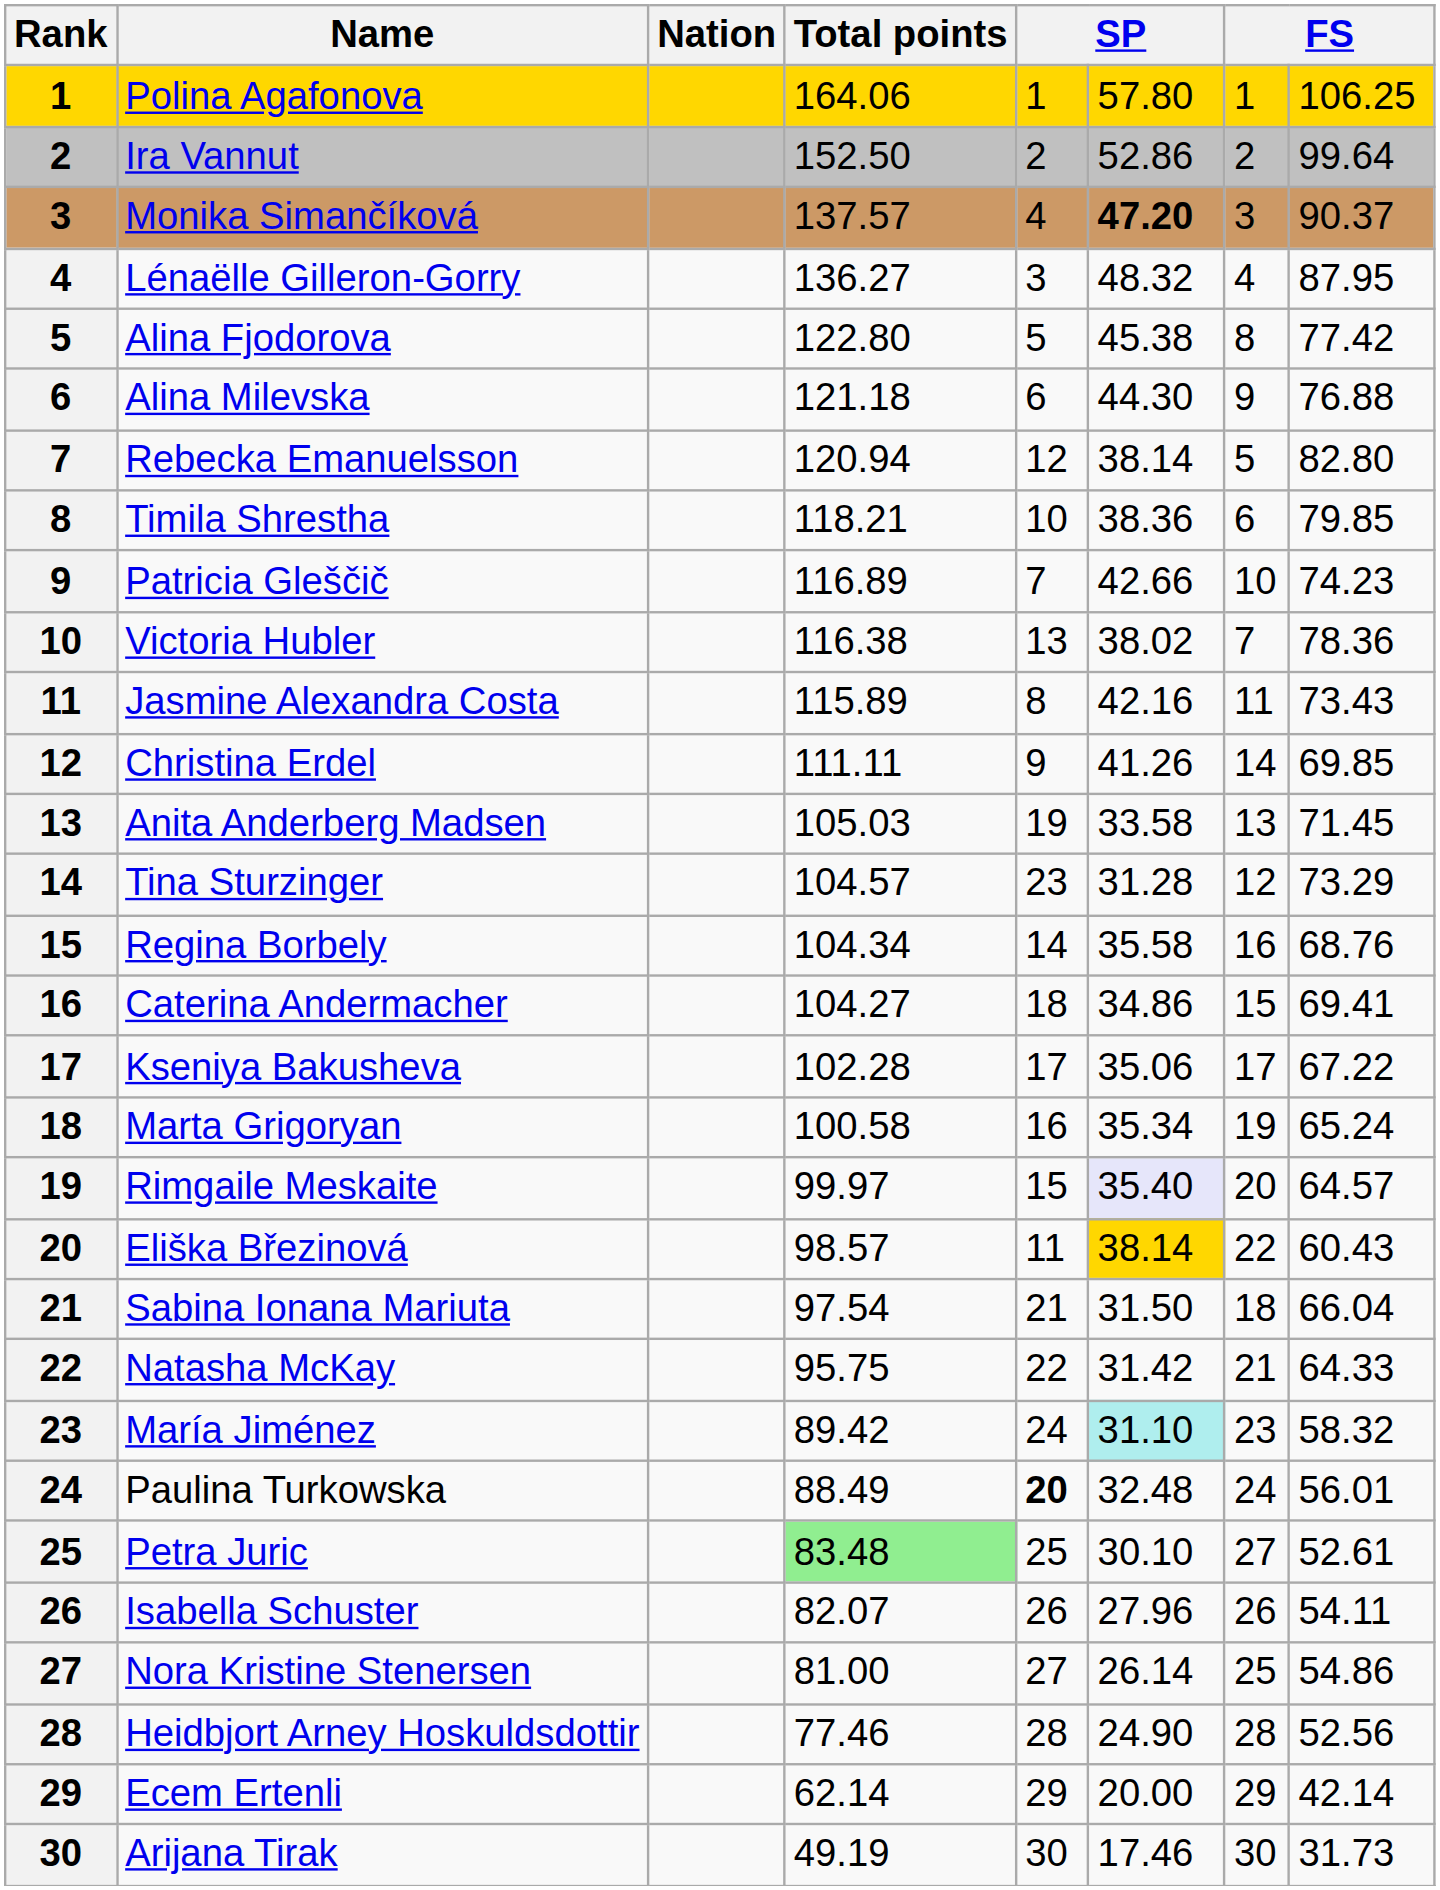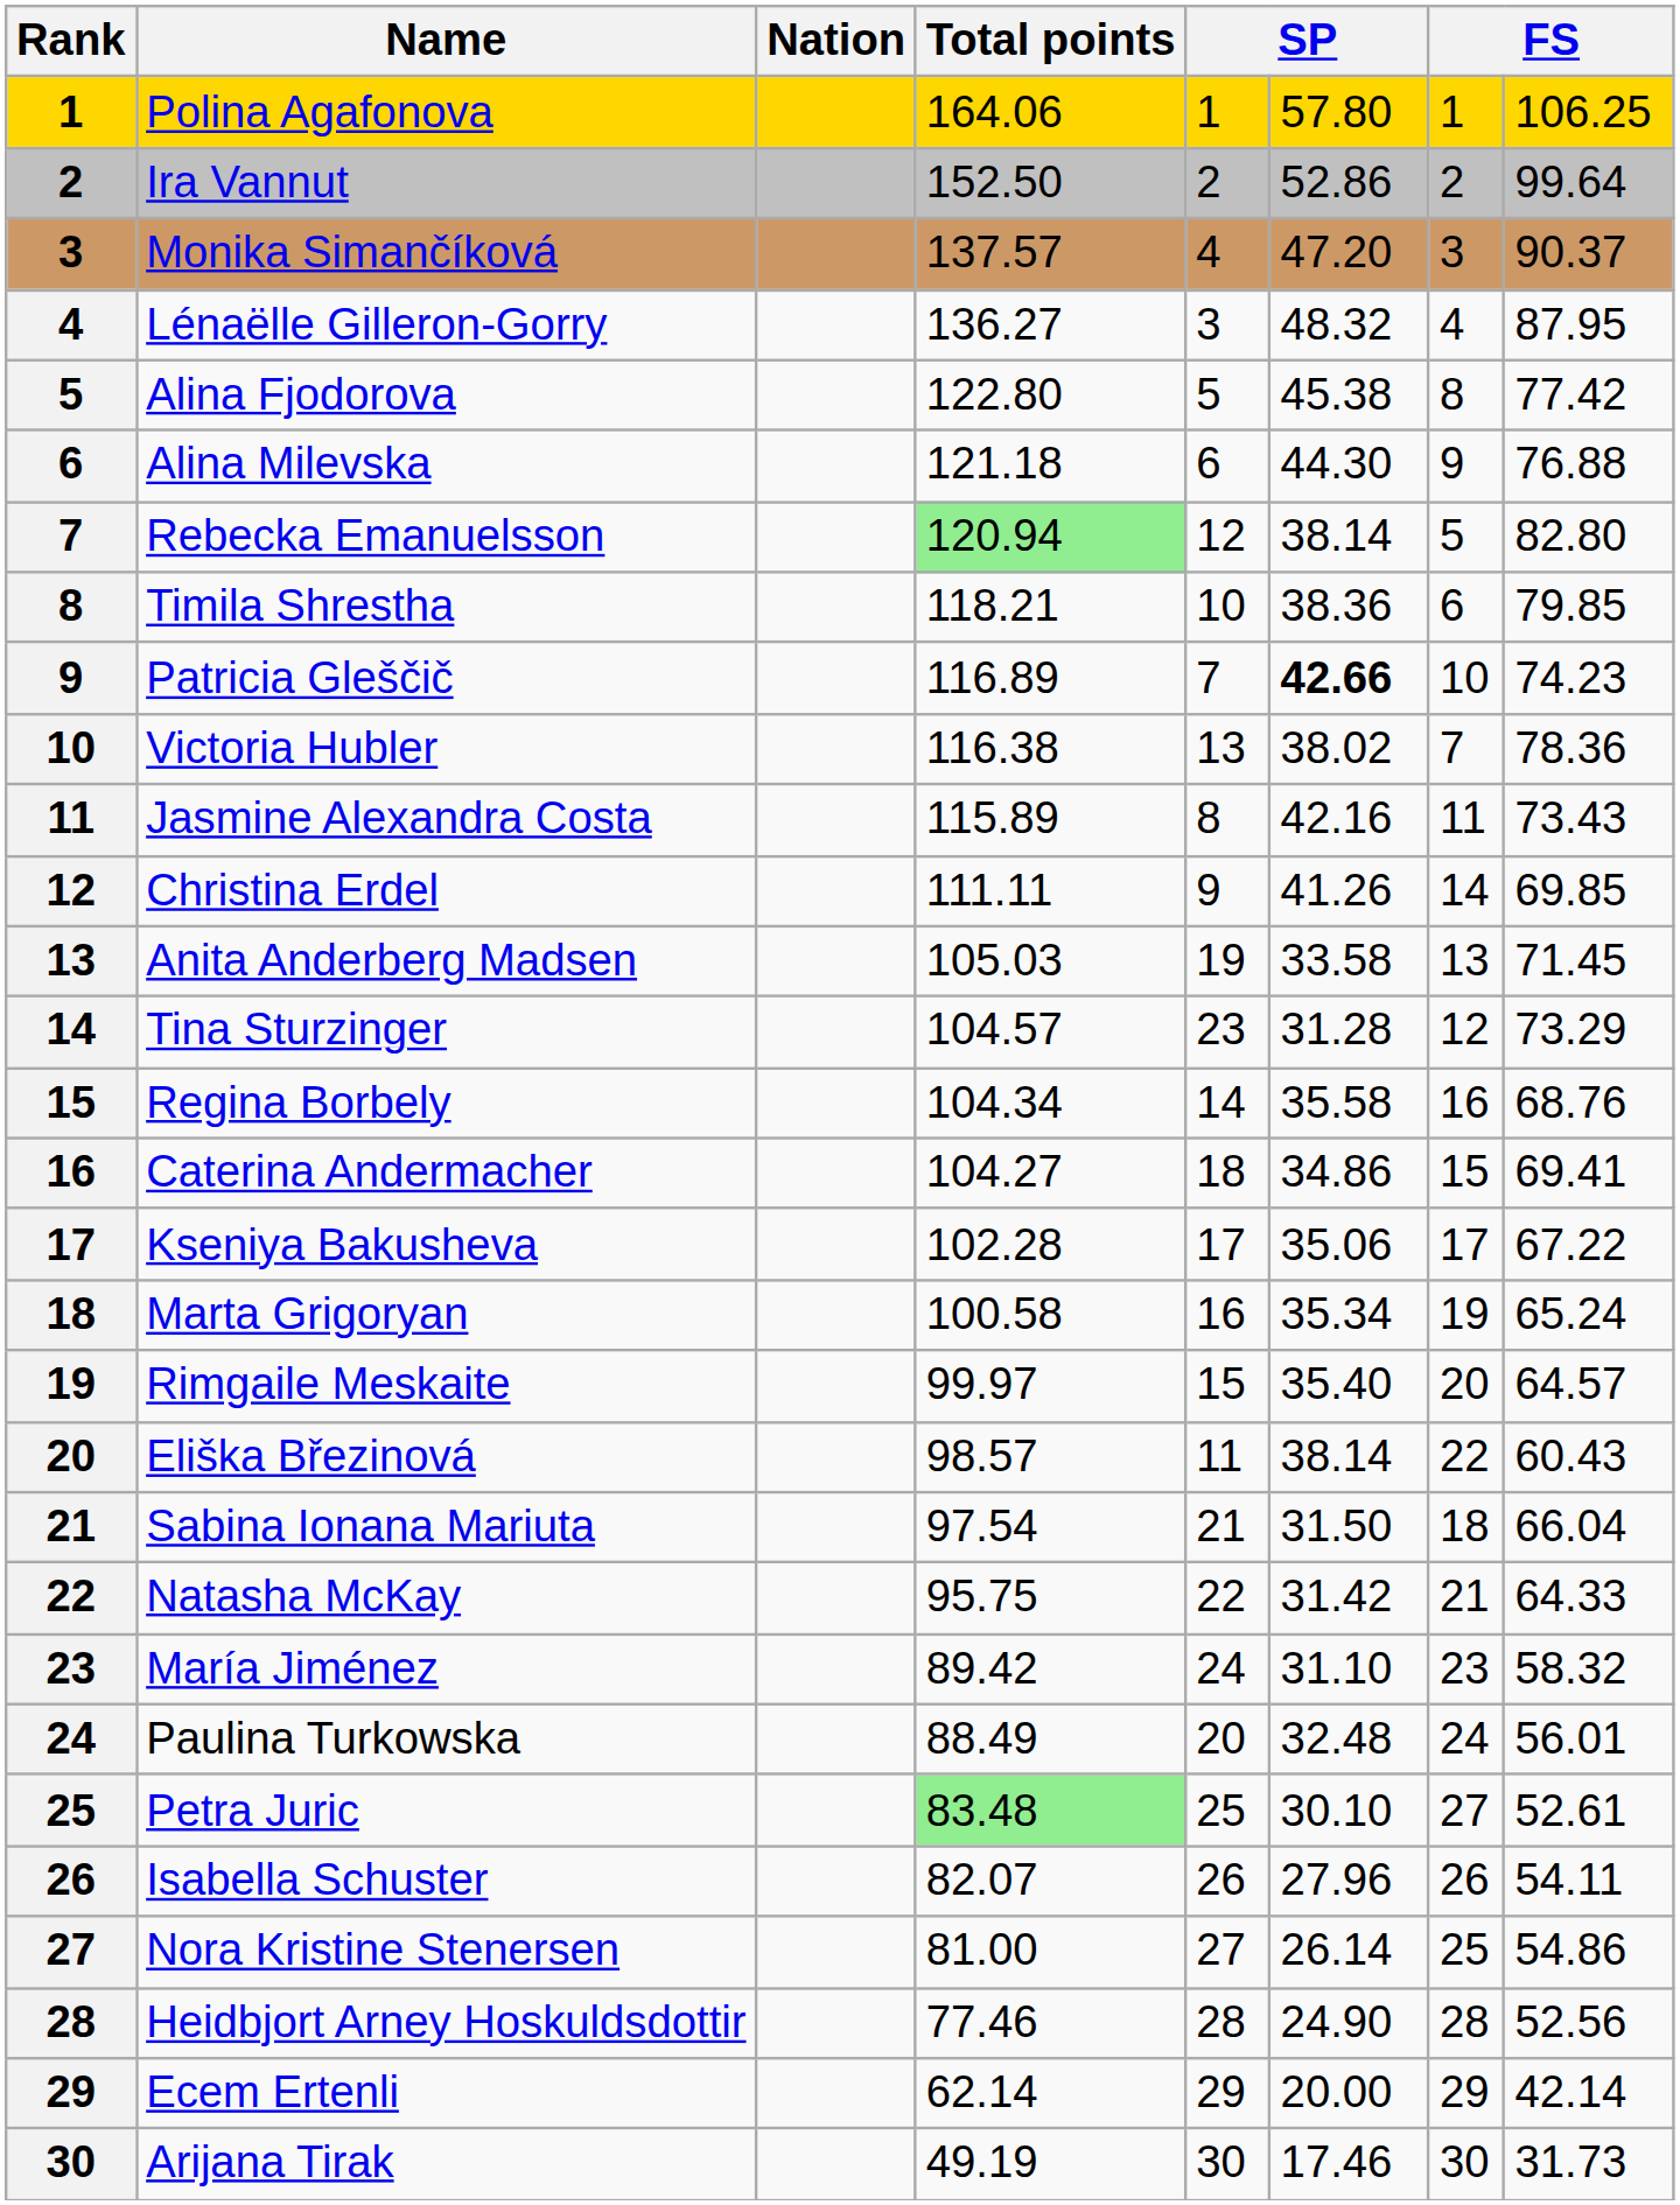 <table class="wikitable sortable">
 <tr>
 <th>Rank</th>
 <th>Name</th>
 <th>Nation</th>
 <th>Total points</th>
 <th colspan="2" width="80px"><a href='#'>SP</a></th>
 <th colspan="2" width="80px"><a href='#'>FS</a></th>
 </tr>
 <tr bgcolor="gold">
 <td align="center"><strong>1</strong></td>
 <td><a href='#'>Polina Agafonova</a></td>
 <td></td>
 <td>164.06</td>
 <td>1</td>
 <td>57.80</td>
 <td>1</td>
 <td>106.25</td>
 </tr>
 <tr bgcolor="silver">
 <td align="center"><strong>2</strong></td>
 <td><a href='#'>Ira Vannut</a></td>
 <td></td>
 <td>152.50</td>
 <td>2</td>
 <td>52.86</td>
 <td>2</td>
 <td>99.64</td>
 </tr>
 <tr bgcolor="cc9966">
 <td align="center"><strong>3</strong></td>
 <td><a href='#'>Monika Simančíková</a></td>
 <td></td>
 <td>137.57</td>
 <td>4</td>
-<td><strong>47.20</strong></td>
+<td>47.20</td>
 <td>3</td>
 <td>90.37</td>
 </tr>
 <tr>
 <th>4</th>
 <td><a href='#'>Lénaëlle Gilleron-Gorry</a></td>
 <td></td>
 <td>136.27</td>
 <td>3</td>
 <td>48.32</td>
 <td>4</td>
 <td>87.95</td>
 </tr>
 <tr>
 <th>5</th>
 <td><a href='#'>Alina Fjodorova</a></td>
 <td></td>
 <td>122.80</td>
 <td>5</td>
 <td>45.38</td>
 <td>8</td>
 <td>77.42</td>
 </tr>
 <tr>
 <th>6</th>
 <td><a href='#'>Alina Milevska</a></td>
 <td></td>
 <td>121.18</td>
 <td>6</td>
 <td>44.30</td>
 <td>9</td>
 <td>76.88</td>
 </tr>
 <tr>
 <th>7</th>
 <td><a href='#'>Rebecka Emanuelsson</a></td>
 <td></td>
-<td>120.94</td>
+<td style="background: lightgreen;">120.94</td>
 <td>12</td>
 <td>38.14</td>
 <td>5</td>
 <td>82.80</td>
 </tr>
 <tr>
 <th>8</th>
 <td><a href='#'>Timila Shrestha</a></td>
 <td></td>
 <td>118.21</td>
 <td>10</td>
 <td>38.36</td>
 <td>6</td>
 <td>79.85</td>
 </tr>
 <tr>
 <th>9</th>
 <td><a href='#'>Patricia Gleščič</a></td>
 <td></td>
 <td>116.89</td>
 <td>7</td>
-<td>42.66</td>
+<td><strong>42.66</strong></td>
 <td>10</td>
 <td>74.23</td>
 </tr>
 <tr>
 <th>10</th>
 <td><a href='#'>Victoria Hubler</a></td>
 <td></td>
 <td>116.38</td>
 <td>13</td>
 <td>38.02</td>
 <td>7</td>
 <td>78.36</td>
 </tr>
 <tr>
 <th>11</th>
 <td><a href='#'>Jasmine Alexandra Costa</a></td>
 <td></td>
 <td>115.89</td>
 <td>8</td>
 <td>42.16</td>
 <td>11</td>
 <td>73.43</td>
 </tr>
 <tr>
 <th>12</th>
 <td><a href='#'>Christina Erdel</a></td>
 <td></td>
 <td>111.11</td>
 <td>9</td>
 <td>41.26</td>
 <td>14</td>
 <td>69.85</td>
 </tr>
 <tr>
 <th>13</th>
 <td><a href='#'>Anita Anderberg Madsen</a></td>
 <td></td>
 <td>105.03</td>
 <td>19</td>
 <td>33.58</td>
 <td>13</td>
 <td>71.45</td>
 </tr>
 <tr>
 <th>14</th>
 <td><a href='#'>Tina Sturzinger</a></td>
 <td></td>
 <td>104.57</td>
 <td>23</td>
 <td>31.28</td>
 <td>12</td>
 <td>73.29</td>
 </tr>
 <tr>
 <th>15</th>
 <td><a href='#'>Regina Borbely</a></td>
 <td></td>
 <td>104.34</td>
 <td>14</td>
 <td>35.58</td>
 <td>16</td>
 <td>68.76</td>
 </tr>
 <tr>
 <th>16</th>
 <td><a href='#'>Caterina Andermacher</a></td>
 <td></td>
 <td>104.27</td>
 <td>18</td>
 <td>34.86</td>
 <td>15</td>
 <td>69.41</td>
 </tr>
 <tr>
 <th>17</th>
 <td><a href='#'>Kseniya Bakusheva</a></td>
 <td></td>
 <td>102.28</td>
 <td>17</td>
 <td>35.06</td>
 <td>17</td>
 <td>67.22</td>
 </tr>
 <tr>
 <th>18</th>
 <td><a href='#'>Marta Grigoryan</a></td>
 <td></td>
 <td>100.58</td>
 <td>16</td>
 <td>35.34</td>
 <td>19</td>
 <td>65.24</td>
 </tr>
 <tr>
 <th>19</th>
 <td><a href='#'>Rimgaile Meskaite</a></td>
 <td></td>
 <td>99.97</td>
 <td>15</td>
-<td style="background: lavender;">35.40</td>
+<td>35.40</td>
 <td>20</td>
 <td>64.57</td>
 </tr>
 <tr>
 <th>20</th>
 <td><a href='#'>Eliška Březinová</a></td>
 <td></td>
 <td>98.57</td>
 <td>11</td>
-<td style="background: gold;">38.14</td>
+<td>38.14</td>
 <td>22</td>
 <td>60.43</td>
 </tr>
 <tr>
 <th>21</th>
 <td><a href='#'>Sabina Ionana Mariuta</a></td>
 <td></td>
 <td>97.54</td>
 <td>21</td>
 <td>31.50</td>
 <td>18</td>
 <td>66.04</td>
 </tr>
 <tr>
 <th>22</th>
 <td><a href='#'>Natasha McKay</a></td>
 <td></td>
 <td>95.75</td>
 <td>22</td>
 <td>31.42</td>
 <td>21</td>
 <td>64.33</td>
 </tr>
 <tr>
 <th>23</th>
 <td><a href='#'>María Jiménez</a></td>
 <td></td>
 <td>89.42</td>
 <td>24</td>
-<td style="background: paleturquoise;">31.10</td>
+<td>31.10</td>
 <td>23</td>
 <td>58.32</td>
 </tr>
 <tr>
 <th>24</th>
 <td>Paulina Turkowska</td>
 <td></td>
 <td>88.49</td>
-<td><strong>20</strong></td>
+<td>20</td>
 <td>32.48</td>
 <td>24</td>
 <td>56.01</td>
 </tr>
 <tr>
 <th>25</th>
 <td><a href='#'>Petra Juric</a></td>
 <td></td>
 <td style="background: lightgreen;">83.48</td>
 <td>25</td>
 <td>30.10</td>
 <td>27</td>
 <td>52.61</td>
 </tr>
 <tr>
 <th>26</th>
 <td><a href='#'>Isabella Schuster</a></td>
 <td></td>
 <td>82.07</td>
 <td>26</td>
 <td>27.96</td>
 <td>26</td>
 <td>54.11</td>
 </tr>
 <tr>
 <th>27</th>
 <td><a href='#'>Nora Kristine Stenersen</a></td>
 <td></td>
 <td>81.00</td>
 <td>27</td>
 <td>26.14</td>
 <td>25</td>
 <td>54.86</td>
 </tr>
 <tr>
 <th>28</th>
 <td><a href='#'>Heidbjort Arney Hoskuldsdottir</a></td>
 <td></td>
 <td>77.46</td>
 <td>28</td>
 <td>24.90</td>
 <td>28</td>
 <td>52.56</td>
 </tr>
 <tr>
 <th>29</th>
 <td><a href='#'>Ecem Ertenli</a></td>
 <td></td>
 <td>62.14</td>
 <td>29</td>
 <td>20.00</td>
 <td>29</td>
 <td>42.14</td>
 </tr>
 <tr>
 <th>30</th>
 <td><a href='#'>Arijana Tirak</a></td>
 <td></td>
 <td>49.19</td>
 <td>30</td>
 <td>17.46</td>
 <td>30</td>
 <td>31.73</td>
 </tr>
 <tr>
 </tr>
 </table>
